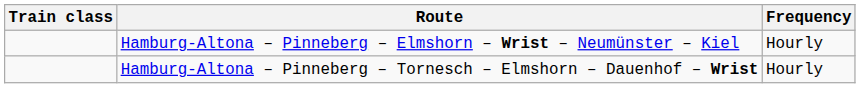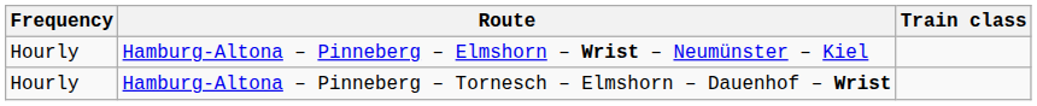 <table class="wikitable">
 <tr>
+<th>Frequency</th>
+<th>Route</th>
 <th>Train class</th>
-<th>Route</th>
-<th>Frequency</th>
 </tr>
 <tr>
+<td>Hourly</td>
+<td><a href='#'>Hamburg-Altona</a> – <a href='#'>Pinneberg</a> – <a href='#'>Elmshorn</a> – <strong>Wrist</strong> – <a href='#'>Neumünster</a> – <a href='#'>Kiel</a></td>
 <td></td>
-<td><a href='#'>Hamburg-Altona</a> – <a href='#'>Pinneberg</a> – <a href='#'>Elmshorn</a> – <strong>Wrist</strong> – <a href='#'>Neumünster</a> – <a href='#'>Kiel</a></td>
-<td>Hourly</td>
 </tr>
 <tr>
+<td>Hourly</td>
+<td><a href='#'>Hamburg-Altona</a> – Pinneberg – Tornesch – Elmshorn – Dauenhof – <strong>Wrist</strong></td>
 <td></td>
-<td><a href='#'>Hamburg-Altona</a> – Pinneberg – Tornesch – Elmshorn – Dauenhof – <strong>Wrist</strong></td>
-<td>Hourly</td>
 </tr>
 </table>
